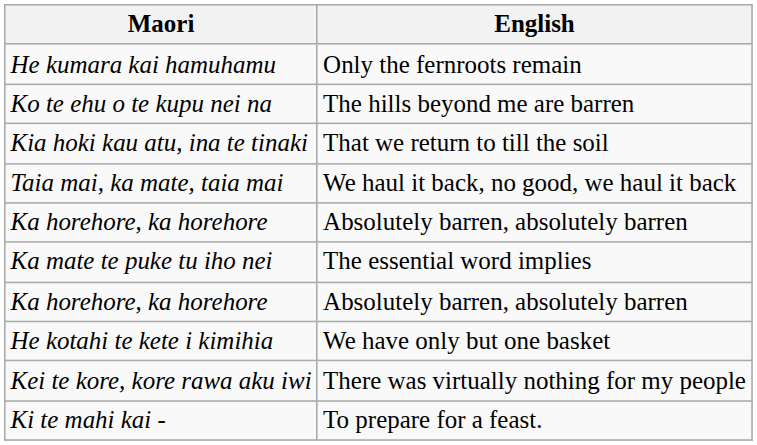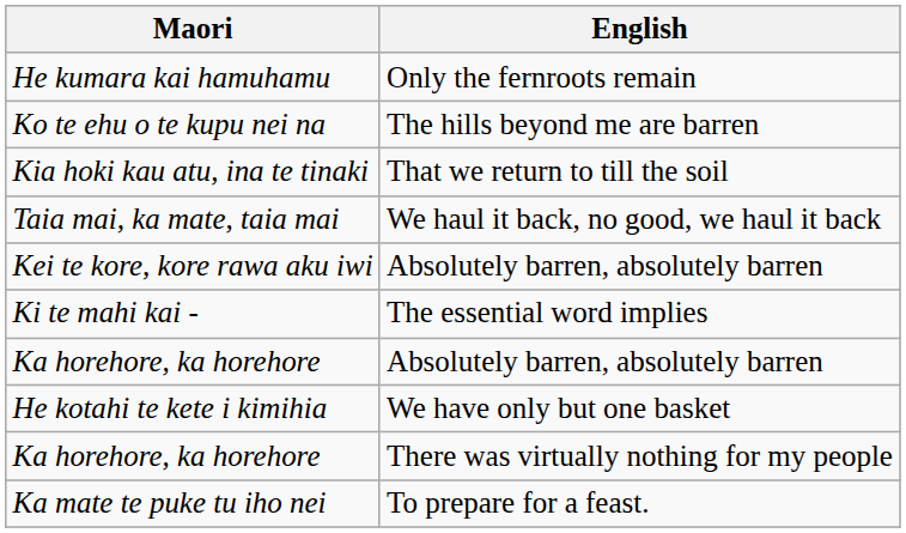 <table class="wikitable">
 <tr>
 <th>Maori</th>
 <th>English</th>
 </tr>
 <tr>
 <td><em>He kumara kai hamuhamu</em></td>
 <td>Only the fernroots remain</td>
 </tr>
 <tr>
 <td><em>Ko te ehu o te kupu nei na</em></td>
 <td>The hills beyond me are barren</td>
 </tr>
 <tr>
 <td><em>Kia hoki kau atu, ina te tinaki</em></td>
 <td>That we return to till the soil</td>
 </tr>
 <tr>
 <td><em>Taia mai, ka mate, taia mai</em></td>
 <td>We haul it back, no good, we haul it back</td>
 </tr>
 <tr>
-<td><em>Ka horehore, ka horehore</em></td>
+<td><em>Kei te kore, kore rawa aku iwi</em></td>
 <td>Absolutely barren, absolutely barren</td>
 </tr>
 <tr>
-<td><em>Ka mate te puke tu iho nei</em></td>
+<td><em>Ki te mahi kai -</em></td>
 <td>The essential word implies</td>
 </tr>
 <tr>
 <td><em>Ka horehore, ka horehore</em></td>
 <td>Absolutely barren, absolutely barren</td>
 </tr>
 <tr>
 <td><em>He kotahi te kete i kimihia</em></td>
 <td>We have only but one basket</td>
 </tr>
 <tr>
-<td><em>Kei te kore, kore rawa aku iwi</em></td>
+<td><em>Ka horehore, ka horehore</em></td>
 <td>There was virtually nothing for my people</td>
 </tr>
 <tr>
-<td><em>Ki te mahi kai -</em></td>
+<td><em>Ka mate te puke tu iho nei</em></td>
 <td>To prepare for a feast.</td>
 </tr>
 </table>
